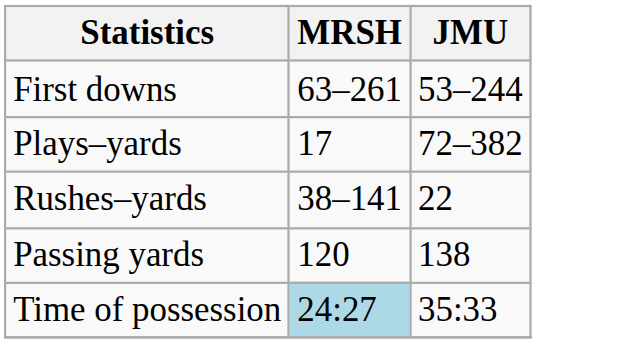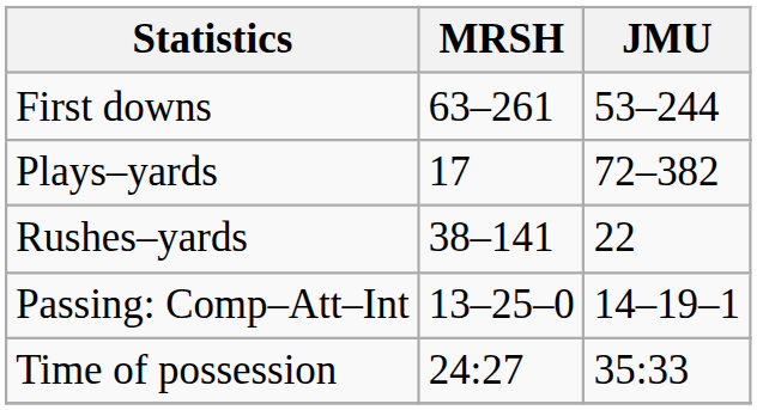 <table class="wikitable" style="float: left;">
 <tr>
 <th>Statistics</th>
 <th>MRSH</th>
 <th>JMU</th>
 </tr>
 <tr>
 <td>First downs</td>
 <td>63–261</td>
 <td>53–244</td>
 </tr>
 <tr>
 <td>Plays–yards</td>
 <td>17</td>
 <td>72–382</td>
 </tr>
 <tr>
 <td>Rushes–yards</td>
 <td>38–141</td>
 <td>22</td>
 </tr>
 <tr>
-<td>Passing yards</td>
-<td>120</td>
-<td>138</td>
+<td>Passing: Comp–Att–Int</td>
+<td>13–25–0</td>
+<td>14–19–1</td>
 </tr>
 <tr>
 <td>Time of possession</td>
-<td style="background: lightblue;">24:27</td>
+<td>24:27</td>
 <td>35:33</td>
 </tr>
 <tr>
 </tr>
 </table>
